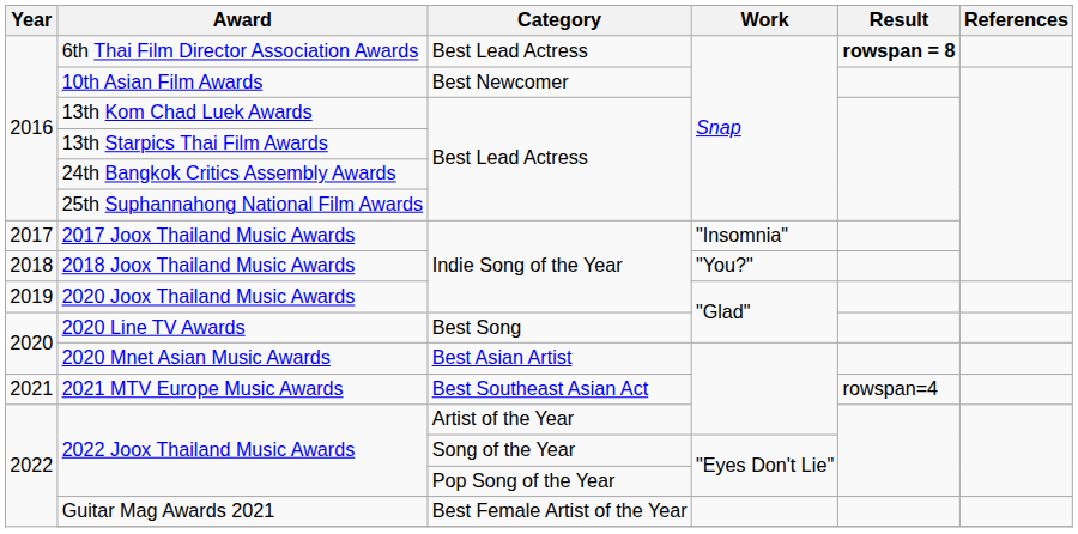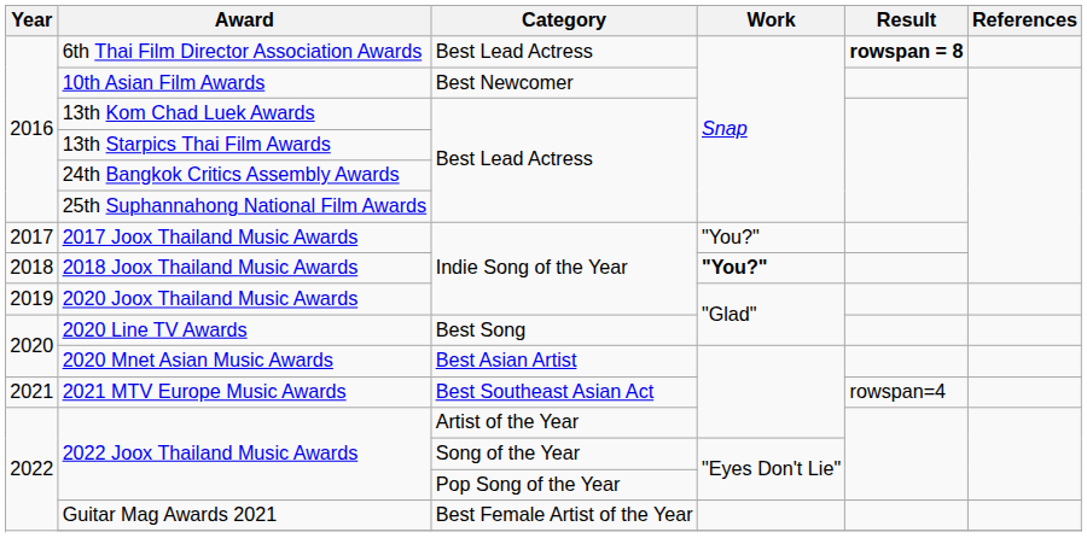 <table class="wikitable">
 <tr>
 <th>Year</th>
 <th>Award</th>
 <th>Category</th>
 <th>Work</th>
 <th>Result</th>
 <th>References</th>
 </tr>
 <tr>
 <td rowspan = 6>2016</td>
 <td>6th <a href='#'>Thai Film Director Association Awards</a></td>
 <td>Best Lead Actress</td>
 <td rowspan = 6><em><a href='#'>Snap</a></em></td>
 <td><strong>rowspan = 8 </strong></td>
 <td></td>
 </tr>
 <tr>
 <td><a href='#'>10th Asian Film Awards</a></td>
 <td>Best Newcomer</td>
 <td></td>
 </tr>
 <tr>
 <td>13th <a href='#'>Kom Chad Luek Awards</a></td>
 <td rowspan = 4>Best Lead Actress</td>
 <td rowspan = 4></td>
 </tr>
 <tr>
 <td>13th <a href='#'>Starpics Thai Film Awards</a></td>
 </tr>
 <tr>
 <td>24th <a href='#'>Bangkok Critics Assembly Awards</a></td>
 </tr>
 <tr>
 <td>25th <a href='#'>Suphannahong National Film Awards</a></td>
 </tr>
 <tr>
 <td>2017</td>
 <td><a href='#'>2017 Joox Thailand Music Awards</a></td>
 <td rowspan=3>Indie Song of the Year</td>
-<td>"Insomnia"</td>
+<td>"You?"</td>
 <td></td>
 </tr>
 <tr>
 <td>2018</td>
 <td><a href='#'>2018 Joox Thailand Music Awards</a></td>
-<td>"You?"</td>
+<td><strong>"You?"</strong></td>
 <td></td>
 </tr>
 <tr>
 <td>2019</td>
 <td><a href='#'>2020 Joox Thailand Music Awards</a></td>
 <td rowspan=2>"Glad"</td>
 <td></td>
 <td></td>
 </tr>
 <tr>
 <td rowspan=2>2020</td>
 <td><a href='#'>2020 Line TV Awards</a></td>
 <td>Best Song</td>
 <td></td>
 <td></td>
 </tr>
 <tr>
 <td><a href='#'>2020 Mnet Asian Music Awards</a></td>
 <td><a href='#'>Best Asian Artist</a></td>
 <td rowspan=3></td>
 <td></td>
 <td></td>
 </tr>
 <tr>
 <td>2021</td>
 <td><a href='#'>2021 MTV Europe Music Awards</a></td>
 <td><a href='#'>Best Southeast Asian Act</a></td>
 <td>rowspan=4 </td>
 <td></td>
 </tr>
 <tr>
 <td rowspan=5>2022</td>
 <td rowspan=3><a href='#'>2022 Joox Thailand Music Awards</a></td>
 <td>Artist of the Year</td>
 <td rowspan=3></td>
 </tr>
 <tr>
 <td>Song of the Year</td>
 <td rowspan=2>"Eyes Don't Lie"</td>
 </tr>
 <tr>
 <td>Pop Song of the Year</td>
 </tr>
 <tr>
 <td>Guitar Mag Awards 2021</td>
 <td>Best Female Artist of the Year</td>
 <td></td>
 <td></td>
 <td></td>
 </tr>
 <tr>
 </tr>
 </table>
